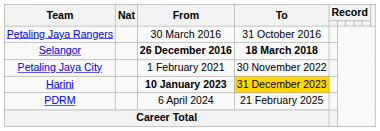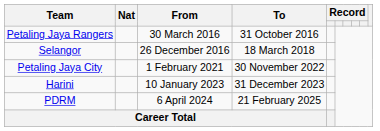 <table class="wikitable" style="text-align:center">
 <tr>
 <th rowspan="2">Team</th>
 <th rowspan="2">Nat</th>
 <th rowspan="2">From</th>
 <th rowspan="2">To</th>
 <th colspan="5">Record</th>
 <th rowspan="2"></th>
 </tr>
 <tr>
 <th></th>
 <th></th>
 <th></th>
 <th></th>
 <th></th>
 </tr>
 <tr>
 <td><a href='#'>Petaling Jaya Rangers</a></td>
 <td></td>
 <td>30 March 2016</td>
 <td>31 October 2016<br></td>
 <td></td>
 </tr>
 <tr>
 <td><a href='#'>Selangor</a></td>
 <td></td>
-<td><strong>26 December 2016</strong></td>
-<td><strong>18 March 2018<br></strong></td>
+<td>26 December 2016</td>
+<td>18 March 2018<br></td>
 <td></td>
 </tr>
 <tr>
 <td><a href='#'>Petaling Jaya City</a></td>
 <td></td>
 <td>1 February 2021</td>
 <td>30 November 2022<br></td>
 <td></td>
 </tr>
 <tr>
 <td><a href='#'>Harini</a></td>
 <td></td>
-<td><strong>10 January 2023</strong></td>
-<td style="background: gold;">31 December 2023<br></td>
+<td>10 January 2023</td>
+<td>31 December 2023<br></td>
 <td></td>
 </tr>
 <tr>
 <td><a href='#'>PDRM</a></td>
 <td></td>
 <td>6 April 2024</td>
 <td>21 February 2025<br></td>
 <td></td>
 </tr>
 <tr>
 <th colspan="4">Career Total<br></th>
 <th></th>
 </tr>
 </table>
